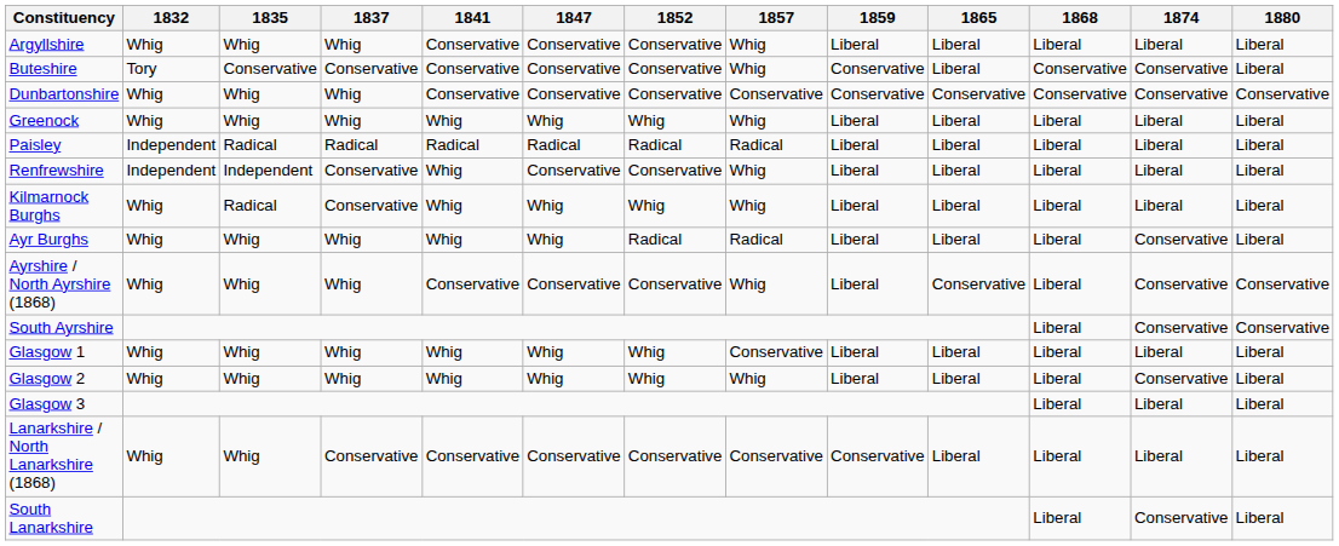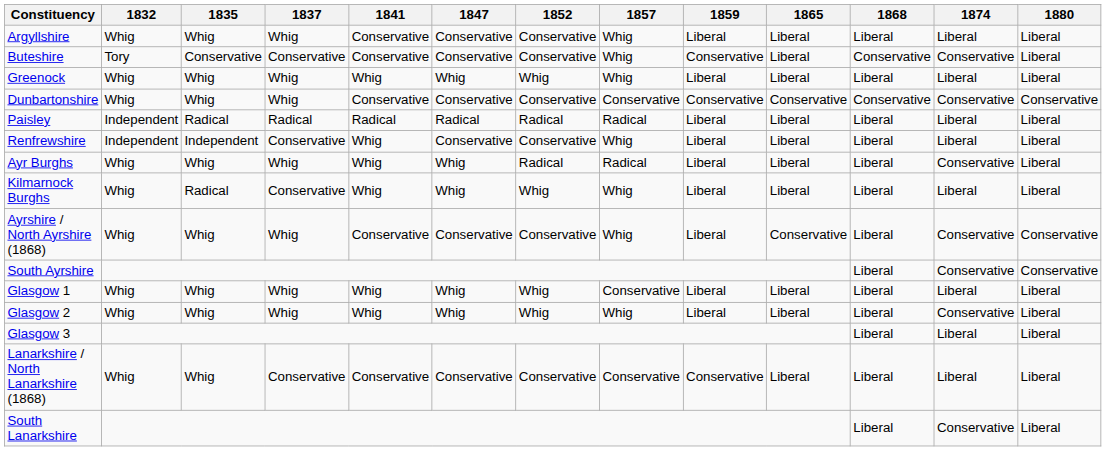 <table class=wikitable>
 <tr>
 <th>Constituency</th>
 <th>1832</th>
 <th>1835</th>
 <th>1837</th>
 <th>1841</th>
 <th>1847</th>
 <th>1852</th>
 <th>1857</th>
 <th>1859</th>
 <th>1865</th>
 <th>1868</th>
 <th>1874</th>
 <th>1880</th>
 </tr>
 <tr>
 <td><a href='#'>Argyllshire</a></td>
 <td bgcolor=>Whig</td>
 <td bgcolor=>Whig</td>
 <td bgcolor=>Whig</td>
 <td bgcolor=>Conservative</td>
 <td bgcolor=>Conservative</td>
 <td bgcolor=>Conservative</td>
 <td bgcolor=>Whig</td>
 <td bgcolor=>Liberal</td>
 <td bgcolor=>Liberal</td>
 <td bgcolor=>Liberal</td>
 <td bgcolor=>Liberal</td>
 <td bgcolor=>Liberal</td>
 </tr>
 <tr>
 <td><a href='#'>Buteshire</a></td>
 <td>Tory</td>
 <td>Conservative</td>
 <td>Conservative</td>
 <td>Conservative</td>
 <td>Conservative</td>
 <td>Conservative</td>
 <td>Whig</td>
 <td>Conservative</td>
 <td>Liberal</td>
 <td>Conservative</td>
 <td>Conservative</td>
 <td>Liberal</td>
 </tr>
 <tr>
+<td><a href='#'>Greenock</a></td>
+<td bgcolor=>Whig</td>
+<td bgcolor=>Whig</td>
+<td bgcolor=>Whig</td>
+<td bgcolor=>Whig</td>
+<td bgcolor=>Whig</td>
+<td bgcolor=>Whig</td>
+<td bgcolor=>Whig</td>
+<td bgcolor=>Liberal</td>
+<td bgcolor=>Liberal</td>
+<td bgcolor=>Liberal</td>
+<td bgcolor=>Liberal</td>
+<td bgcolor=>Liberal</td>
+</tr>
+<tr>
 <td><a href='#'>Dunbartonshire</a></td>
 <td bgcolor=>Whig</td>
 <td bgcolor=>Whig</td>
 <td bgcolor=>Whig</td>
 <td bgcolor=>Conservative</td>
 <td bgcolor=>Conservative</td>
 <td bgcolor=>Conservative</td>
 <td bgcolor=>Conservative</td>
 <td bgcolor=>Conservative</td>
 <td bgcolor=>Conservative</td>
 <td bgcolor=>Conservative</td>
 <td bgcolor=>Conservative</td>
 <td bgcolor=>Conservative</td>
-</tr>
-<tr>
-<td><a href='#'>Greenock</a></td>
-<td bgcolor=>Whig</td>
-<td bgcolor=>Whig</td>
-<td bgcolor=>Whig</td>
-<td bgcolor=>Whig</td>
-<td bgcolor=>Whig</td>
-<td bgcolor=>Whig</td>
-<td bgcolor=>Whig</td>
-<td bgcolor=>Liberal</td>
-<td bgcolor=>Liberal</td>
-<td bgcolor=>Liberal</td>
-<td bgcolor=>Liberal</td>
-<td bgcolor=>Liberal</td>
 </tr>
 <tr>
 <td><a href='#'>Paisley</a></td>
 <td bgcolor=>Independent</td>
 <td bgcolor=>Radical</td>
 <td bgcolor=>Radical</td>
 <td bgcolor=>Radical</td>
 <td bgcolor=>Radical</td>
 <td bgcolor=>Radical</td>
 <td bgcolor=>Radical</td>
 <td bgcolor=>Liberal</td>
 <td bgcolor=>Liberal</td>
 <td bgcolor=>Liberal</td>
 <td bgcolor=>Liberal</td>
 <td bgcolor=>Liberal</td>
 </tr>
 <tr>
 <td><a href='#'>Renfrewshire</a></td>
 <td bgcolor=>Independent</td>
 <td bgcolor=>Independent</td>
 <td bgcolor=>Conservative</td>
 <td bgcolor=>Whig</td>
 <td bgcolor=>Conservative</td>
 <td bgcolor=>Conservative</td>
 <td bgcolor=>Whig</td>
 <td bgcolor=>Liberal</td>
 <td bgcolor=>Liberal</td>
 <td bgcolor=>Liberal</td>
 <td bgcolor=>Liberal</td>
 <td bgcolor=>Liberal</td>
 </tr>
 <tr>
+<td><a href='#'>Ayr Burghs</a></td>
+<td bgcolor=>Whig</td>
+<td bgcolor=>Whig</td>
+<td bgcolor=>Whig</td>
+<td bgcolor=>Whig</td>
+<td bgcolor=>Whig</td>
+<td bgcolor=>Radical</td>
+<td bgcolor=>Radical</td>
+<td bgcolor=>Liberal</td>
+<td bgcolor=>Liberal</td>
+<td bgcolor=>Liberal</td>
+<td bgcolor=>Conservative</td>
+<td bgcolor=>Liberal</td>
+</tr>
+<tr>
 <td><a href='#'>Kilmarnock Burghs</a></td>
 <td bgcolor=>Whig</td>
 <td bgcolor=>Radical</td>
 <td bgcolor=>Conservative</td>
 <td bgcolor=>Whig</td>
 <td bgcolor=>Whig</td>
 <td bgcolor=>Whig</td>
 <td bgcolor=>Whig</td>
 <td bgcolor=>Liberal</td>
 <td bgcolor=>Liberal</td>
 <td bgcolor=>Liberal</td>
 <td bgcolor=>Liberal</td>
-<td bgcolor=>Liberal</td>
-</tr>
-<tr>
-<td><a href='#'>Ayr Burghs</a></td>
-<td bgcolor=>Whig</td>
-<td bgcolor=>Whig</td>
-<td bgcolor=>Whig</td>
-<td bgcolor=>Whig</td>
-<td bgcolor=>Whig</td>
-<td bgcolor=>Radical</td>
-<td bgcolor=>Radical</td>
-<td bgcolor=>Liberal</td>
-<td bgcolor=>Liberal</td>
-<td bgcolor=>Liberal</td>
-<td bgcolor=>Conservative</td>
 <td bgcolor=>Liberal</td>
 </tr>
 <tr>
 <td><a href='#'>Ayrshire</a> / <a href='#'>North Ayrshire</a> (1868)</td>
 <td bgcolor=>Whig</td>
 <td bgcolor=>Whig</td>
 <td bgcolor=>Whig</td>
 <td bgcolor=>Conservative</td>
 <td bgcolor=>Conservative</td>
 <td bgcolor=>Conservative</td>
 <td bgcolor=>Whig</td>
 <td bgcolor=>Liberal</td>
 <td bgcolor=>Conservative</td>
 <td bgcolor=>Liberal</td>
 <td bgcolor=>Conservative</td>
 <td bgcolor=>Conservative</td>
 </tr>
 <tr>
 <td><a href='#'>South Ayrshire</a></td>
 <td colspan=9></td>
 <td bgcolor=>Liberal</td>
 <td bgcolor=>Conservative</td>
 <td bgcolor=>Conservative</td>
 </tr>
 <tr>
 <td><a href='#'>Glasgow</a> 1</td>
 <td bgcolor=>Whig</td>
 <td bgcolor=>Whig</td>
 <td bgcolor=>Whig</td>
 <td bgcolor=>Whig</td>
 <td bgcolor=>Whig</td>
 <td bgcolor=>Whig</td>
 <td bgcolor=>Conservative</td>
 <td bgcolor=>Liberal</td>
 <td bgcolor=>Liberal</td>
 <td bgcolor=>Liberal</td>
 <td bgcolor=>Liberal</td>
 <td bgcolor=>Liberal</td>
 </tr>
 <tr>
 <td><a href='#'>Glasgow</a> 2</td>
 <td bgcolor=>Whig</td>
 <td bgcolor=>Whig</td>
 <td bgcolor=>Whig</td>
 <td bgcolor=>Whig</td>
 <td bgcolor=>Whig</td>
 <td bgcolor=>Whig</td>
 <td bgcolor=>Whig</td>
 <td bgcolor=>Liberal</td>
 <td bgcolor=>Liberal</td>
 <td bgcolor=>Liberal</td>
 <td bgcolor=>Conservative</td>
 <td bgcolor=>Liberal</td>
 </tr>
 <tr>
 <td><a href='#'>Glasgow</a> 3</td>
 <td colspan=9></td>
 <td bgcolor=>Liberal</td>
 <td bgcolor=>Liberal</td>
 <td bgcolor=>Liberal</td>
 </tr>
 <tr>
 <td><a href='#'>Lanarkshire</a> / <a href='#'>North Lanarkshire</a> (1868)</td>
 <td bgcolor=>Whig</td>
 <td bgcolor=>Whig</td>
 <td bgcolor=>Conservative</td>
 <td bgcolor=>Conservative</td>
 <td bgcolor=>Conservative</td>
 <td bgcolor=>Conservative</td>
 <td bgcolor=>Conservative</td>
 <td bgcolor=>Conservative</td>
 <td bgcolor=>Liberal</td>
 <td bgcolor=>Liberal</td>
 <td bgcolor=>Liberal</td>
 <td bgcolor=>Liberal</td>
 </tr>
 <tr>
 <td><a href='#'>South Lanarkshire</a></td>
 <td colspan=9></td>
 <td bgcolor=>Liberal</td>
 <td bgcolor=>Conservative</td>
 <td bgcolor=>Liberal</td>
 </tr>
 </table>
